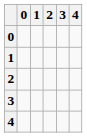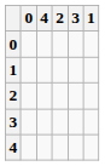 <table class = "wikitable" style="text-align: center;">
 <tr>
 <th></th>
 <th>0</th>
-<th>1</th>
+<th>4</th>
 <th>2</th>
 <th>3</th>
-<th>4</th>
+<th>1</th>
 </tr>
 <tr>
 <th>0</th>
 <td></td>
 <td></td>
 <td></td>
 <td></td>
 <td></td>
 </tr>
 <tr>
 <th>1</th>
 <td></td>
 <td></td>
 <td></td>
 <td></td>
 <td></td>
 </tr>
 <tr>
 <th>2</th>
 <td></td>
 <td></td>
 <td></td>
 <td></td>
 <td></td>
 </tr>
 <tr>
 <th>3</th>
 <td></td>
 <td></td>
 <td></td>
 <td></td>
 <td></td>
 </tr>
 <tr>
 <th>4</th>
 <td></td>
 <td></td>
 <td></td>
 <td></td>
 <td></td>
 </tr>
 </table>
